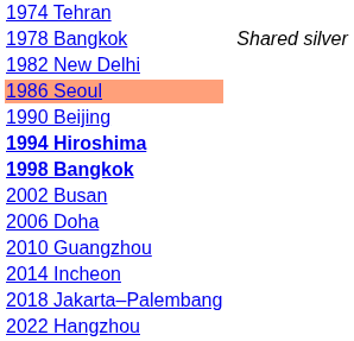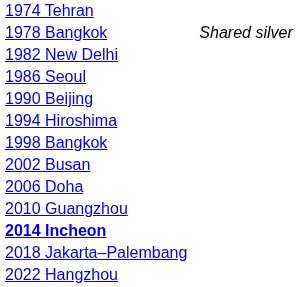 <table>
 <tr>
 <td><a href='#'>1974 Tehran</a></td>
 <td></td>
 <td></td>
 <td></td>
 </tr>
 <tr>
 <td rowspan=2><a href='#'>1978 Bangkok</a></td>
 <td rowspan=2></td>
 <td></td>
 <td rowspan=2><em>Shared silver</em></td>
 </tr>
 <tr>
 <td></td>
 </tr>
 <tr>
 <td><a href='#'>1982 New Delhi</a></td>
 <td></td>
 <td></td>
 <td></td>
 </tr>
 <tr>
-<td style="background: lightsalmon;"><a href='#'>1986 Seoul</a></td>
+<td><a href='#'>1986 Seoul</a></td>
 <td></td>
 <td></td>
 <td></td>
 </tr>
 <tr>
 <td><a href='#'>1990 Beijing</a></td>
 <td></td>
 <td></td>
 <td></td>
 </tr>
 <tr>
-<td><strong><a href='#'>1994 Hiroshima</a></strong></td>
+<td><a href='#'>1994 Hiroshima</a></td>
 <td></td>
 <td></td>
 <td></td>
 </tr>
 <tr>
-<td><strong><a href='#'>1998 Bangkok</a></strong></td>
+<td><a href='#'>1998 Bangkok</a></td>
 <td></td>
 <td></td>
 <td></td>
 </tr>
 <tr>
 <td><a href='#'>2002 Busan</a></td>
 <td></td>
 <td></td>
 <td></td>
 </tr>
 <tr>
 <td><a href='#'>2006 Doha</a></td>
 <td></td>
 <td></td>
 <td></td>
 </tr>
 <tr>
 <td><a href='#'>2010 Guangzhou</a></td>
 <td></td>
 <td></td>
 <td></td>
 </tr>
 <tr>
-<td><a href='#'>2014 Incheon</a></td>
+<td><strong><a href='#'>2014 Incheon</a></strong></td>
 <td></td>
 <td></td>
 <td></td>
 </tr>
 <tr>
 <td><a href='#'>2018 Jakarta–Palembang</a></td>
 <td></td>
 <td></td>
 <td></td>
 </tr>
 <tr>
 <td><a href='#'>2022 Hangzhou</a></td>
 <td></td>
 <td></td>
 <td></td>
 </tr>
 </table>
